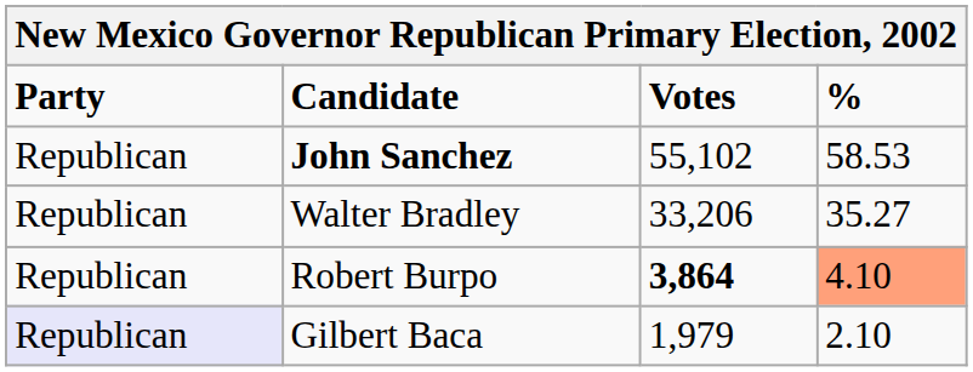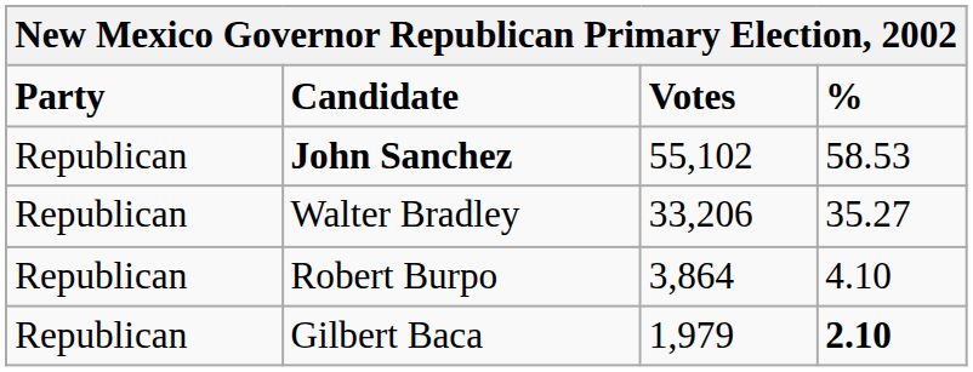 <table class="wikitable">
 <tr>
 <th colspan="4">New Mexico Governor Republican Primary Election, 2002</th>
 </tr>
 <tr>
 <td><strong>Party</strong></td>
 <td><strong>Candidate</strong></td>
 <td><strong>Votes</strong></td>
 <td><strong>%</strong></td>
 </tr>
 <tr>
 <td>Republican</td>
 <td><strong>John Sanchez</strong></td>
 <td>55,102</td>
 <td>58.53</td>
 </tr>
 <tr>
 <td>Republican</td>
 <td>Walter Bradley</td>
 <td>33,206</td>
 <td>35.27</td>
 </tr>
 <tr>
 <td>Republican</td>
 <td>Robert Burpo</td>
-<td><strong>3,864</strong></td>
-<td style="background: lightsalmon;">4.10</td>
+<td>3,864</td>
+<td>4.10</td>
 </tr>
 <tr>
-<td style="background: lavender;">Republican</td>
+<td>Republican</td>
 <td>Gilbert Baca</td>
 <td>1,979</td>
-<td>2.10</td>
+<td><strong>2.10</strong></td>
 </tr>
 </table>
